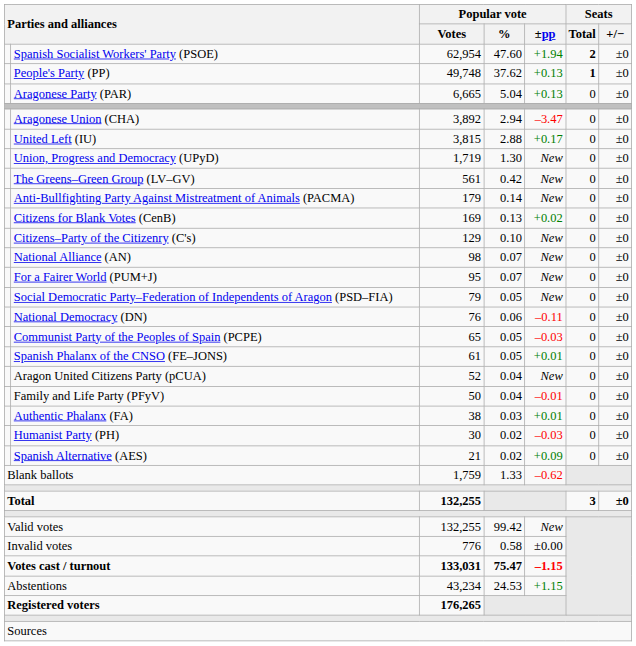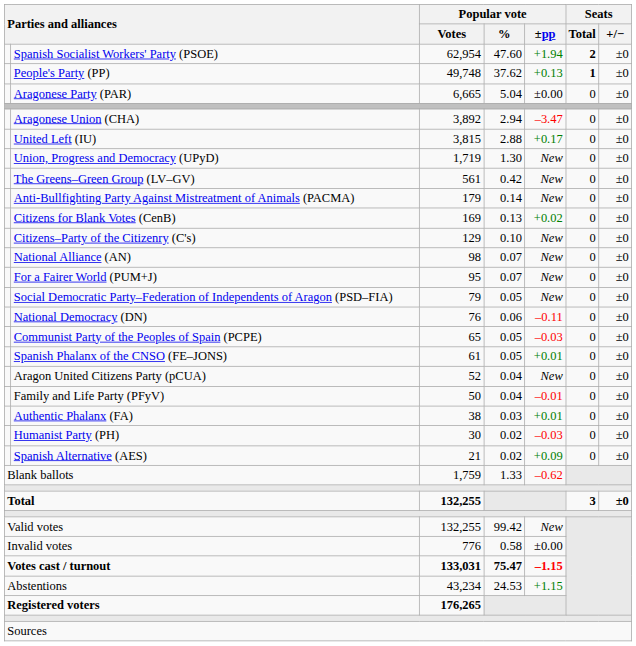 <table class="wikitable" style="text-align:right;">
 <tr>
 <th style="text-align:left;" rowspan="2" colspan="2" width="525">Parties and alliances</th>
 <th colspan="3">Popular vote</th>
 <th colspan="2">Seats</th>
 </tr>
 <tr>
 <th width="75">Votes</th>
 <th width="45">%</th>
 <th width="45">±<a href='#'>pp</a></th>
 <th width="35">Total</th>
 <th width="35">+/−</th>
 </tr>
 <tr>
 <td width="1" style="color:inherit;background:"></td>
 <td align="left"><a href='#'>Spanish Socialist Workers' Party</a> (PSOE)</td>
 <td>62,954</td>
 <td>47.60</td>
 <td style="color:green;">+1.94</td>
 <td><strong>2</strong></td>
 <td>±0</td>
 </tr>
 <tr>
 <td style="color:inherit;background:"></td>
 <td align="left"><a href='#'>People's Party</a> (PP)</td>
 <td>49,748</td>
 <td>37.62</td>
 <td style="color:green;">+0.13</td>
 <td><strong>1</strong></td>
 <td>±0</td>
 </tr>
 <tr>
 <td style="color:inherit;background:"></td>
 <td align="left"><a href='#'>Aragonese Party</a> (PAR)</td>
 <td>6,665</td>
 <td>5.04</td>
-<td style="color:green;">+0.13</td>
+<td>±0.00</td>
 <td>0</td>
 <td>±0</td>
 </tr>
 <tr>
 <td colspan="7" bgcolor="#C0C0C0"></td>
 </tr>
 <tr>
 <td style="color:inherit;background:"></td>
 <td align="left"><a href='#'>Aragonese Union</a> (CHA)</td>
 <td>3,892</td>
 <td>2.94</td>
 <td style="color:red;">–3.47</td>
 <td>0</td>
 <td>±0</td>
 </tr>
 <tr>
 <td style="color:inherit;background:"></td>
 <td align="left"><a href='#'>United Left</a> (IU)</td>
 <td>3,815</td>
 <td>2.88</td>
 <td style="color:green;">+0.17</td>
 <td>0</td>
 <td>±0</td>
 </tr>
 <tr>
 <td style="color:inherit;background:"></td>
 <td align="left"><a href='#'>Union, Progress and Democracy</a> (UPyD)</td>
 <td>1,719</td>
 <td>1.30</td>
 <td><em>New</em></td>
 <td>0</td>
 <td>±0</td>
 </tr>
 <tr>
 <td style="color:inherit;background:"></td>
 <td align="left"><a href='#'>The Greens–Green Group</a> (LV–GV)</td>
 <td>561</td>
 <td>0.42</td>
 <td><em>New</em></td>
 <td>0</td>
 <td>±0</td>
 </tr>
 <tr>
 <td style="color:inherit;background:"></td>
 <td align="left"><a href='#'>Anti-Bullfighting Party Against Mistreatment of Animals</a> (PACMA)</td>
 <td>179</td>
 <td>0.14</td>
 <td><em>New</em></td>
 <td>0</td>
 <td>±0</td>
 </tr>
 <tr>
 <td style="color:inherit;background:"></td>
 <td align="left"><a href='#'>Citizens for Blank Votes</a> (CenB)</td>
 <td>169</td>
 <td>0.13</td>
 <td style="color:green;">+0.02</td>
 <td>0</td>
 <td>±0</td>
 </tr>
 <tr>
 <td style="color:inherit;background:"></td>
 <td align="left"><a href='#'>Citizens–Party of the Citizenry</a> (C's)</td>
 <td>129</td>
 <td>0.10</td>
 <td><em>New</em></td>
 <td>0</td>
 <td>±0</td>
 </tr>
 <tr>
 <td style="color:inherit;background:"></td>
 <td align="left"><a href='#'>National Alliance</a> (AN)</td>
 <td>98</td>
 <td>0.07</td>
 <td><em>New</em></td>
 <td>0</td>
 <td>±0</td>
 </tr>
 <tr>
 <td style="color:inherit;background:"></td>
 <td align="left"><a href='#'>For a Fairer World</a> (PUM+J)</td>
 <td>95</td>
 <td>0.07</td>
 <td><em>New</em></td>
 <td>0</td>
 <td>±0</td>
 </tr>
 <tr>
 <td style="color:inherit;background:"></td>
 <td align="left"><a href='#'>Social Democratic Party–Federation of Independents of Aragon</a> (PSD–FIA)</td>
 <td>79</td>
 <td>0.05</td>
 <td><em>New</em></td>
 <td>0</td>
 <td>±0</td>
 </tr>
 <tr>
 <td style="color:inherit;background:"></td>
 <td align="left"><a href='#'>National Democracy</a> (DN)</td>
 <td>76</td>
 <td>0.06</td>
 <td style="color:red;">–0.11</td>
 <td>0</td>
 <td>±0</td>
 </tr>
 <tr>
 <td style="color:inherit;background:"></td>
 <td align="left"><a href='#'>Communist Party of the Peoples of Spain</a> (PCPE)</td>
 <td>65</td>
 <td>0.05</td>
 <td style="color:red;">–0.03</td>
 <td>0</td>
 <td>±0</td>
 </tr>
 <tr>
 <td style="color:inherit;background:"></td>
 <td align="left"><a href='#'>Spanish Phalanx of the CNSO</a> (FE–JONS)</td>
 <td>61</td>
 <td>0.05</td>
 <td style="color:green;">+0.01</td>
 <td>0</td>
 <td>±0</td>
 </tr>
 <tr>
 <td style="color:inherit;background:"></td>
 <td align="left">Aragon United Citizens Party (pCUA)</td>
 <td>52</td>
 <td>0.04</td>
 <td><em>New</em></td>
 <td>0</td>
 <td>±0</td>
 </tr>
 <tr>
 <td style="color:inherit;background:"></td>
 <td align="left">Family and Life Party (PFyV)</td>
 <td>50</td>
 <td>0.04</td>
 <td style="color:red;">–0.01</td>
 <td>0</td>
 <td>±0</td>
 </tr>
 <tr>
 <td style="color:inherit;background:"></td>
 <td align="left"><a href='#'>Authentic Phalanx</a> (FA)</td>
 <td>38</td>
 <td>0.03</td>
 <td style="color:green;">+0.01</td>
 <td>0</td>
 <td>±0</td>
 </tr>
 <tr>
 <td style="color:inherit;background:"></td>
 <td align="left"><a href='#'>Humanist Party</a> (PH)</td>
 <td>30</td>
 <td>0.02</td>
 <td style="color:red;">–0.03</td>
 <td>0</td>
 <td>±0</td>
 </tr>
 <tr>
 <td style="color:inherit;background:"></td>
 <td align="left"><a href='#'>Spanish Alternative</a> (AES)</td>
 <td>21</td>
 <td>0.02</td>
 <td style="color:green;">+0.09</td>
 <td>0</td>
 <td>±0</td>
 </tr>
 <tr>
 <td align="left" colspan="2">Blank ballots</td>
 <td>1,759</td>
 <td>1.33</td>
 <td style="color:red;">–0.62</td>
 <td bgcolor="#E9E9E9" colspan="2"></td>
 </tr>
 <tr>
 <td colspan="7" bgcolor="#E9E9E9"></td>
 </tr>
 <tr style="font-weight:bold;">
 <td align="left" colspan="2">Total</td>
 <td>132,255</td>
 <td bgcolor="#E9E9E9" colspan="2"></td>
 <td>3</td>
 <td>±0</td>
 </tr>
 <tr>
 <td colspan="7" bgcolor="#E9E9E9"></td>
 </tr>
 <tr>
 <td align="left" colspan="2">Valid votes</td>
 <td>132,255</td>
 <td>99.42</td>
 <td><em>New</em></td>
 <td bgcolor="#E9E9E9" colspan="2" rowspan="5"></td>
 </tr>
 <tr>
 <td align="left" colspan="2">Invalid votes</td>
 <td>776</td>
 <td>0.58</td>
 <td>±0.00</td>
 </tr>
 <tr style="font-weight:bold;">
 <td align="left" colspan="2">Votes cast / turnout</td>
 <td>133,031</td>
 <td>75.47</td>
 <td style="color:red;">–1.15</td>
 </tr>
 <tr>
 <td align="left" colspan="2">Abstentions</td>
 <td>43,234</td>
 <td>24.53</td>
 <td style="color:green;">+1.15</td>
 </tr>
 <tr style="font-weight:bold;">
 <td align="left" colspan="2">Registered voters</td>
 <td>176,265</td>
 <td bgcolor="#E9E9E9" colspan="2"></td>
 </tr>
 <tr>
 <td colspan="7" bgcolor="#E9E9E9"></td>
 </tr>
 <tr>
 <td align="left" colspan="7">Sources</td>
 </tr>
 </table>
